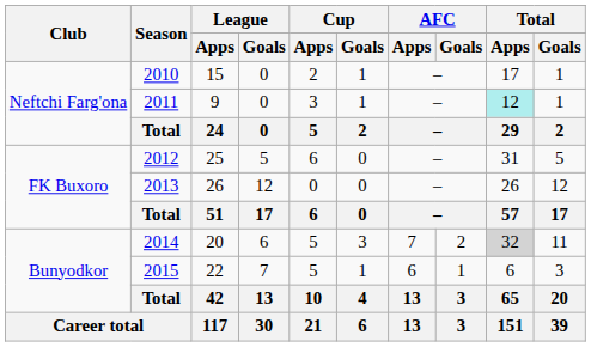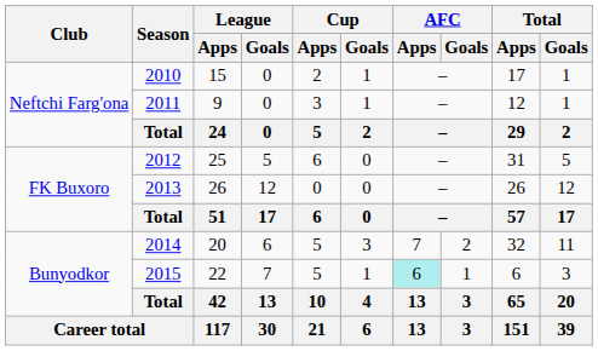 <table class="wikitable" style="text-align:center">
 <tr>
 <th rowspan="2">Club</th>
 <th rowspan="2">Season</th>
 <th colspan="2">League</th>
 <th colspan="2">Cup</th>
 <th colspan="2"><a href='#'>AFC</a></th>
 <th colspan="2">Total</th>
 </tr>
 <tr>
 <th>Apps</th>
 <th>Goals</th>
 <th>Apps</th>
 <th>Goals</th>
 <th>Apps</th>
 <th>Goals</th>
 <th>Apps</th>
 <th>Goals</th>
 </tr>
 <tr>
 <td rowspan="3"><a href='#'>Neftchi Farg'ona</a></td>
 <td><a href='#'>2010</a></td>
 <td>15</td>
 <td>0</td>
 <td>2</td>
 <td>1</td>
 <td colspan="2">–</td>
 <td>17</td>
 <td>1</td>
 </tr>
 <tr>
 <td><a href='#'>2011</a></td>
 <td>9</td>
 <td>0</td>
 <td>3</td>
 <td>1</td>
 <td colspan="2">–</td>
-<td style="background: paleturquoise;">12</td>
+<td>12</td>
 <td>1</td>
 </tr>
 <tr>
 <th>Total</th>
 <th>24</th>
 <th>0</th>
 <th>5</th>
 <th>2</th>
 <th colspan="2">–</th>
 <th>29</th>
 <th>2</th>
 </tr>
 <tr>
 <td rowspan="3"><a href='#'>FK Buxoro</a></td>
 <td><a href='#'>2012</a></td>
 <td>25</td>
 <td>5</td>
 <td>6</td>
 <td>0</td>
 <td colspan="2">–</td>
 <td>31</td>
 <td>5</td>
 </tr>
 <tr>
 <td><a href='#'>2013</a></td>
 <td>26</td>
 <td>12</td>
 <td>0</td>
 <td>0</td>
 <td colspan="2">–</td>
 <td>26</td>
 <td>12</td>
 </tr>
 <tr>
 <th>Total</th>
 <th>51</th>
 <th>17</th>
 <th>6</th>
 <th>0</th>
 <th colspan="2">–</th>
 <th>57</th>
 <th>17</th>
 </tr>
 <tr>
 <td rowspan="3"><a href='#'>Bunyodkor</a></td>
 <td><a href='#'>2014</a></td>
 <td>20</td>
 <td>6</td>
 <td>5</td>
 <td>3</td>
 <td>7</td>
 <td>2</td>
-<td style="background: lightgrey;">32</td>
+<td>32</td>
 <td>11</td>
 </tr>
 <tr>
 <td><a href='#'>2015</a></td>
 <td>22</td>
 <td>7</td>
 <td>5</td>
 <td>1</td>
-<td>6</td>
+<td style="background: paleturquoise;">6</td>
 <td>1</td>
 <td>6</td>
 <td>3</td>
 </tr>
 <tr>
 <th>Total</th>
 <th>42</th>
 <th>13</th>
 <th>10</th>
 <th>4</th>
 <th>13</th>
 <th>3</th>
 <th>65</th>
 <th>20</th>
 </tr>
 <tr>
 <th colspan="2">Career total</th>
 <th>117</th>
 <th>30</th>
 <th>21</th>
 <th>6</th>
 <th>13</th>
 <th>3</th>
 <th>151</th>
 <th>39</th>
 </tr>
 </table>
